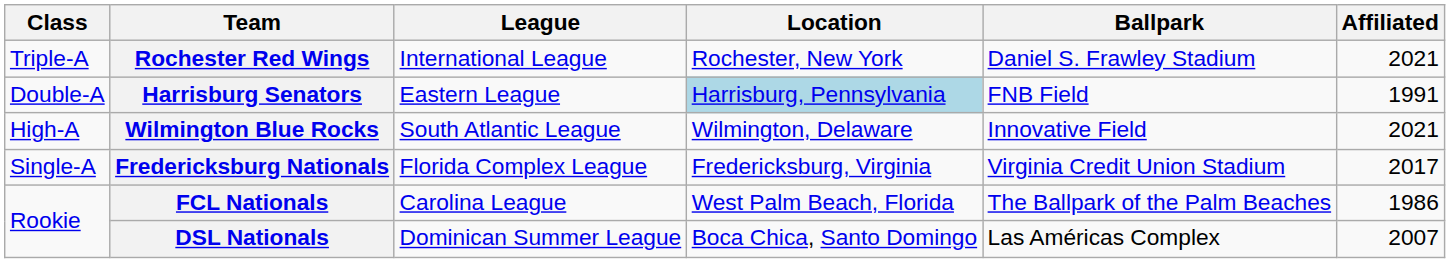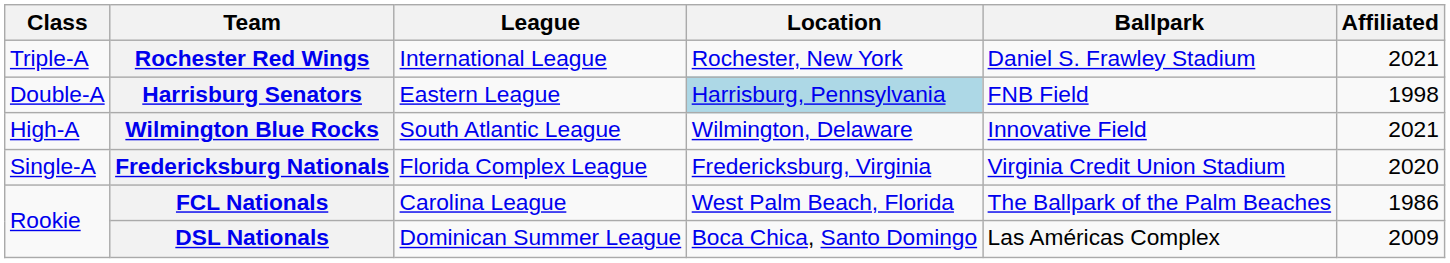 <table class="wikitable plainrowheaders sortable">
 <tr>
 <th scope="col">Class</th>
 <th scope="col">Team</th>
 <th scope="col">League</th>
 <th scope="col">Location</th>
 <th scope="col">Ballpark</th>
 <th scope="col">Affiliated</th>
 </tr>
 <tr>
 <td><a href='#'>Triple-A</a></td>
 <th scope="row"><a href='#'>Rochester Red Wings</a></th>
 <td><a href='#'>International League</a></td>
 <td><a href='#'>Rochester, New York</a></td>
 <td><a href='#'>Daniel S. Frawley Stadium</a></td>
 <td align="right">2021</td>
 </tr>
 <tr>
 <td><a href='#'>Double-A</a></td>
 <th scope="row"><a href='#'>Harrisburg Senators</a></th>
 <td><a href='#'>Eastern League</a></td>
 <td style="background: lightblue;"><a href='#'>Harrisburg, Pennsylvania</a></td>
 <td><a href='#'>FNB Field</a></td>
-<td align="right">1991</td>
+<td align="right">1998</td>
 </tr>
 <tr>
 <td><a href='#'>High-A</a></td>
 <th scope="row"><a href='#'>Wilmington Blue Rocks</a></th>
 <td><a href='#'>South Atlantic League</a></td>
 <td><a href='#'>Wilmington, Delaware</a></td>
 <td><a href='#'>Innovative Field</a></td>
 <td align="right">2021</td>
 </tr>
 <tr>
 <td><a href='#'>Single-A</a></td>
 <th scope="row"><a href='#'>Fredericksburg Nationals</a></th>
 <td><a href='#'>Florida Complex League</a></td>
 <td><a href='#'>Fredericksburg, Virginia</a></td>
 <td><a href='#'>Virginia Credit Union Stadium</a></td>
-<td align="right">2017</td>
+<td align="right">2020</td>
 </tr>
 <tr>
 <td rowspan=2><a href='#'>Rookie</a></td>
 <th scope="row"><a href='#'>FCL Nationals</a></th>
 <td><a href='#'>Carolina League</a></td>
 <td><a href='#'>West Palm Beach, Florida</a></td>
 <td><a href='#'>The Ballpark of the Palm Beaches</a></td>
 <td align="right">1986</td>
 </tr>
 <tr>
 <th scope="row"><a href='#'>DSL Nationals</a></th>
 <td><a href='#'>Dominican Summer League</a></td>
 <td><a href='#'>Boca Chica</a>, <a href='#'>Santo Domingo</a></td>
 <td>Las Américas Complex</td>
-<td align="right">2007</td>
+<td align="right">2009</td>
 </tr>
 </table>
